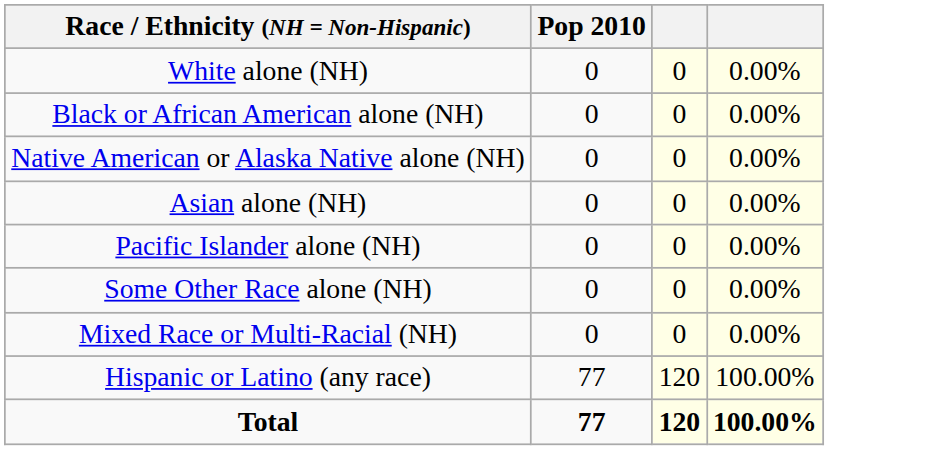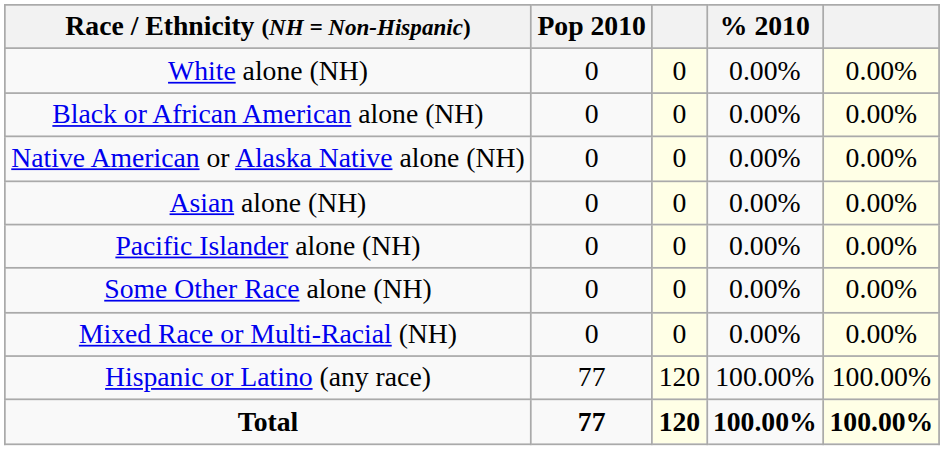 <table class="wikitable" style="text-align:center;">
 <tr>
 <th>Race / Ethnicity <small>(<em>NH = Non-Hispanic</em>)</small></th>
 <th>Pop 2010</th>
 <th></th>
+<th>% 2010</th>
 <th></th>
 </tr>
 <tr>
 <td><a href='#'>White</a> alone (NH)</td>
 <td>0</td>
 <td style='background: #ffffe6;'>0</td>
+<td>0.00%</td>
 <td style='background: #ffffe6;'>0.00%</td>
 </tr>
 <tr>
 <td><a href='#'>Black or African American</a> alone (NH)</td>
 <td>0</td>
 <td style='background: #ffffe6;'>0</td>
+<td>0.00%</td>
 <td style='background: #ffffe6;'>0.00%</td>
 </tr>
 <tr>
 <td><a href='#'>Native American</a> or <a href='#'>Alaska Native</a> alone (NH)</td>
 <td>0</td>
 <td style='background: #ffffe6;'>0</td>
+<td>0.00%</td>
 <td style='background: #ffffe6;'>0.00%</td>
 </tr>
 <tr>
 <td><a href='#'>Asian</a> alone (NH)</td>
 <td>0</td>
 <td style='background: #ffffe6;'>0</td>
+<td>0.00%</td>
 <td style='background: #ffffe6;'>0.00%</td>
 </tr>
 <tr>
 <td><a href='#'>Pacific Islander</a> alone (NH)</td>
 <td>0</td>
 <td style='background: #ffffe6;'>0</td>
+<td>0.00%</td>
 <td style='background: #ffffe6;'>0.00%</td>
 </tr>
 <tr>
 <td><a href='#'>Some Other Race</a> alone (NH)</td>
 <td>0</td>
 <td style='background: #ffffe6;'>0</td>
+<td>0.00%</td>
 <td style='background: #ffffe6;'>0.00%</td>
 </tr>
 <tr>
 <td><a href='#'>Mixed Race or Multi-Racial</a> (NH)</td>
 <td>0</td>
 <td style='background: #ffffe6;'>0</td>
+<td>0.00%</td>
 <td style='background: #ffffe6;'>0.00%</td>
 </tr>
 <tr>
 <td><a href='#'>Hispanic or Latino</a> (any race)</td>
 <td>77</td>
 <td style='background: #ffffe6;'>120</td>
+<td>100.00%</td>
 <td style='background: #ffffe6;'>100.00%</td>
 </tr>
 <tr>
 <td><strong>Total</strong></td>
 <td><strong>77</strong></td>
 <td style='background: #ffffe6;'><strong>120</strong></td>
+<td><strong>100.00%</strong></td>
 <td style='background: #ffffe6;'><strong>100.00%</strong></td>
 </tr>
 </table>
